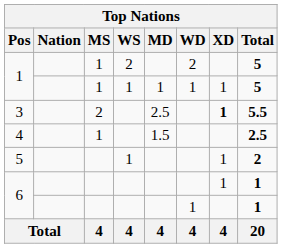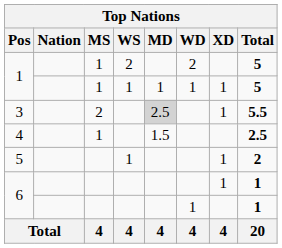 <table class="wikitable" style="text-align:center">
 <tr>
 <th colspan="10">Top Nations</th>
 </tr>
 <tr>
 <th>Pos</th>
 <th>Nation</th>
 <th>MS</th>
 <th>WS</th>
 <th>MD</th>
 <th>WD</th>
 <th>XD</th>
 <th>Total</th>
 </tr>
 <tr>
 <td rowspan=2>1</td>
 <td align="left"></td>
 <td>1</td>
 <td>2</td>
 <td></td>
 <td>2</td>
 <td></td>
 <td><strong>5</strong></td>
 </tr>
 <tr>
 <td align="left"></td>
 <td>1</td>
 <td>1</td>
 <td>1</td>
 <td>1</td>
 <td>1</td>
 <td><strong>5</strong></td>
 </tr>
 <tr>
 <td>3</td>
 <td align="left"></td>
 <td>2</td>
 <td></td>
-<td>2.5</td>
+<td style="background: lightgrey;">2.5</td>
 <td></td>
-<td><strong>1</strong></td>
+<td>1</td>
 <td><strong>5.5</strong></td>
 </tr>
 <tr>
 <td>4</td>
 <td align="left"></td>
 <td>1</td>
 <td></td>
 <td>1.5</td>
 <td></td>
 <td></td>
 <td><strong>2.5</strong></td>
 </tr>
 <tr>
 <td>5</td>
 <td align="left"></td>
 <td></td>
 <td>1</td>
 <td></td>
 <td></td>
 <td>1</td>
 <td><strong>2</strong></td>
 </tr>
 <tr>
 <td rowspan=2>6</td>
 <td align="left"></td>
 <td></td>
 <td></td>
 <td></td>
 <td></td>
 <td>1</td>
 <td><strong>1</strong></td>
 </tr>
 <tr>
 <td align="left"></td>
 <td></td>
 <td></td>
 <td></td>
 <td>1</td>
 <td></td>
 <td><strong>1</strong></td>
 </tr>
 <tr>
 <th colspan="2">Total</th>
 <th>4</th>
 <th>4</th>
 <th>4</th>
 <th>4</th>
 <th>4</th>
 <th>20</th>
 </tr>
 </table>
